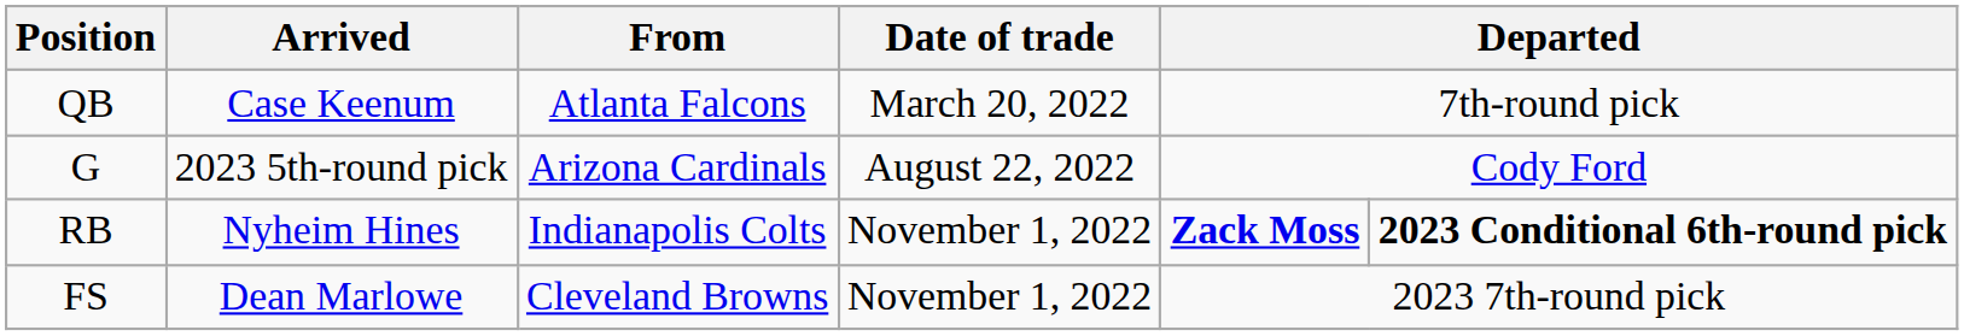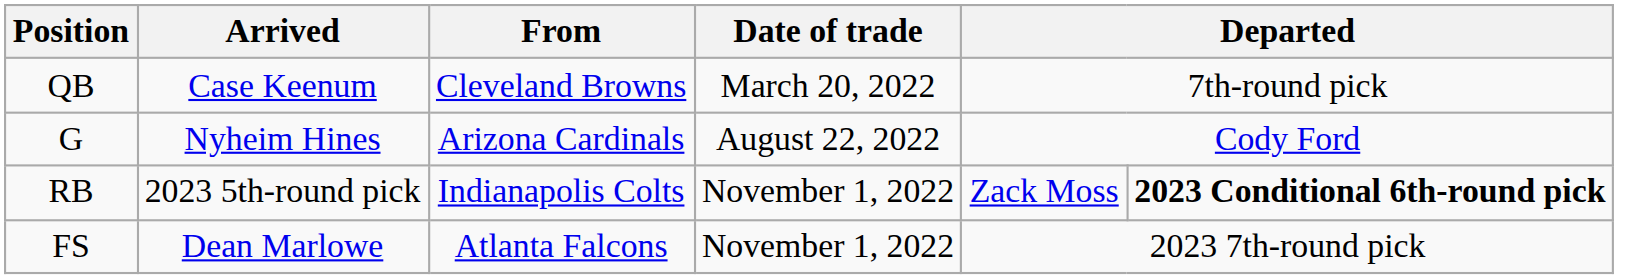 <table class="wikitable sortable" style="text-align: center">
 <tr>
 <th>Position</th>
 <th>Arrived</th>
 <th>From</th>
 <th>Date of trade</th>
 <th colspan=2>Departed</th>
 </tr>
 <tr>
 <td>QB</td>
 <td><a href='#'>Case Keenum</a></td>
-<td><a href='#'>Atlanta Falcons</a></td>
+<td><a href='#'>Cleveland Browns</a></td>
 <td>March 20, 2022</td>
 <td colspan=2>7th-round pick</td>
 </tr>
 <tr>
 <td>G</td>
-<td>2023 5th-round pick</td>
+<td><a href='#'>Nyheim Hines</a></td>
 <td><a href='#'>Arizona Cardinals</a></td>
 <td>August 22, 2022</td>
 <td colspan=2><a href='#'>Cody Ford</a></td>
 </tr>
 <tr>
 <td>RB</td>
-<td><a href='#'>Nyheim Hines</a></td>
+<td>2023 5th-round pick</td>
 <td><a href='#'>Indianapolis Colts</a></td>
 <td>November 1, 2022</td>
-<td><strong><a href='#'>Zack Moss</a></strong></td>
+<td><a href='#'>Zack Moss</a></td>
 <td><strong>2023 Conditional 6th-round pick</strong></td>
 </tr>
 <tr>
 <td>FS</td>
 <td><a href='#'>Dean Marlowe</a></td>
-<td><a href='#'>Cleveland Browns</a></td>
+<td><a href='#'>Atlanta Falcons</a></td>
 <td>November 1, 2022</td>
 <td colspan=2>2023 7th-round pick</td>
 </tr>
 </table>
